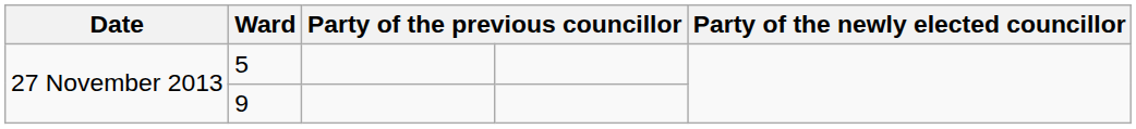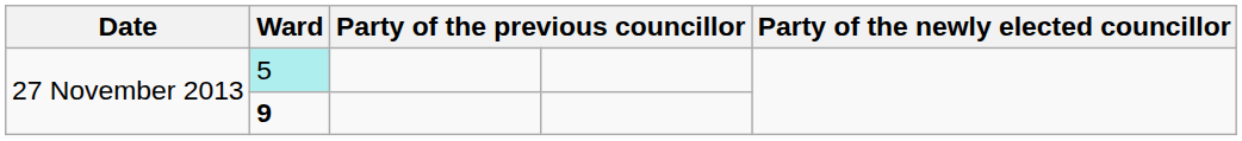 <table class="wikitable">
 <tr>
 <th>Date</th>
 <th>Ward</th>
 <th colspan=2>Party of the previous councillor</th>
 <th colspan=2>Party of the newly elected councillor</th>
 </tr>
 <tr>
 <td rowspan=2>27 November 2013</td>
-<td>5</td>
+<td style="background: paleturquoise;">5</td>
 <td></td>
 <td></td>
 </tr>
 <tr>
-<td>9</td>
+<td><strong>9</strong></td>
 <td></td>
 <td></td>
 </tr>
 </table>
